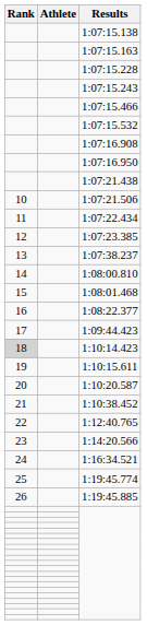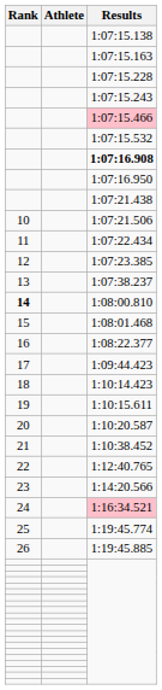 <table class="wikitable sortable" style="text-align:center">
 <tr>
 <th>Rank</th>
 <th>Athlete</th>
 <th>Results</th>
 </tr>
 <tr>
 <td></td>
 <td align="left"></td>
 <td>1:07:15.138</td>
 </tr>
 <tr>
 <td></td>
 <td align="left"></td>
 <td>1:07:15.163</td>
 </tr>
 <tr>
 <td></td>
 <td align="left"></td>
 <td>1:07:15.228</td>
 </tr>
 <tr>
 <td></td>
 <td align="left"></td>
 <td>1:07:15.243</td>
 </tr>
 <tr>
 <td></td>
 <td align="left"></td>
-<td>1:07:15.466</td>
+<td style="background: pink;">1:07:15.466</td>
 </tr>
 <tr>
 <td></td>
 <td align="left"></td>
 <td>1:07:15.532</td>
 </tr>
 <tr>
 <td></td>
 <td align="left"></td>
-<td>1:07:16.908</td>
+<td><strong>1:07:16.908</strong></td>
 </tr>
 <tr>
 <td></td>
 <td align="left"></td>
 <td>1:07:16.950</td>
 </tr>
 <tr>
 <td></td>
 <td align="left"></td>
 <td>1:07:21.438</td>
 </tr>
 <tr>
 <td>10</td>
 <td align="left"></td>
 <td>1:07:21.506</td>
 </tr>
 <tr>
 <td>11</td>
 <td align="left"></td>
 <td>1:07:22.434</td>
 </tr>
 <tr>
 <td>12</td>
 <td align="left"></td>
 <td>1:07:23.385</td>
 </tr>
 <tr>
 <td>13</td>
 <td align="left"></td>
 <td>1:07:38.237</td>
 </tr>
 <tr>
-<td>14</td>
+<td><strong>14</strong></td>
 <td align="left"></td>
 <td>1:08:00.810</td>
 </tr>
 <tr>
 <td>15</td>
 <td align="left"></td>
 <td>1:08:01.468</td>
 </tr>
 <tr>
 <td>16</td>
 <td align="left"></td>
 <td>1:08:22.377</td>
 </tr>
 <tr>
 <td>17</td>
 <td align="left"></td>
 <td>1:09:44.423</td>
 </tr>
 <tr>
-<td style="background: lightgrey;">18</td>
+<td>18</td>
 <td align="left"></td>
 <td>1:10:14.423</td>
 </tr>
 <tr>
 <td>19</td>
 <td align="left"></td>
 <td>1:10:15.611</td>
 </tr>
 <tr>
 <td>20</td>
 <td align="left"></td>
 <td>1:10:20.587</td>
 </tr>
 <tr>
 <td>21</td>
 <td align="left"></td>
 <td>1:10:38.452</td>
 </tr>
 <tr>
 <td>22</td>
 <td align="left"></td>
 <td>1:12:40.765</td>
 </tr>
 <tr>
 <td>23</td>
 <td align="left"></td>
 <td>1:14:20.566</td>
 </tr>
 <tr>
 <td>24</td>
 <td align="left"></td>
-<td>1:16:34.521</td>
+<td style="background: pink;">1:16:34.521</td>
 </tr>
 <tr>
 <td>25</td>
 <td align="left"></td>
 <td>1:19:45.774</td>
 </tr>
 <tr>
 <td>26</td>
 <td align="left"></td>
 <td>1:19:45.885</td>
 </tr>
 <tr>
 <td></td>
 <td align="left"></td>
 <td rowspan="21"></td>
 </tr>
 <tr>
 <td></td>
 <td align="left"></td>
 </tr>
 <tr>
 <td></td>
 <td align="left"></td>
 </tr>
 <tr>
 <td></td>
 <td align="left"></td>
 </tr>
 <tr>
 <td></td>
 <td align="left"></td>
 </tr>
 <tr>
 <td></td>
 <td align="left"></td>
 </tr>
 <tr>
 <td></td>
 <td align="left"></td>
 </tr>
 <tr>
 <td></td>
 <td align="left"></td>
 </tr>
 <tr>
 <td></td>
 <td align="left"></td>
 </tr>
 <tr>
 <td></td>
 <td align="left"></td>
 </tr>
 <tr>
 <td></td>
 <td align="left"></td>
 </tr>
 <tr>
 <td></td>
 <td align="left"></td>
 </tr>
 <tr>
 <td></td>
 <td align="left"></td>
 </tr>
 <tr>
 <td></td>
 <td align="left"></td>
 </tr>
 <tr>
 <td></td>
 <td align="left"></td>
 </tr>
 <tr>
 <td></td>
 <td align="left"></td>
 </tr>
 <tr>
 <td></td>
 <td align="left"></td>
 </tr>
 <tr>
 <td></td>
 <td align="left"></td>
 </tr>
 <tr>
 <td></td>
 <td align="left"></td>
 </tr>
 <tr>
 <td></td>
 <td align="left"></td>
 </tr>
 <tr>
 <td></td>
 <td align="left"></td>
 </tr>
 </table>
